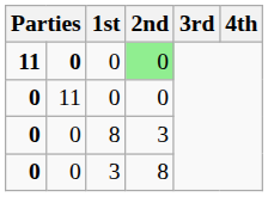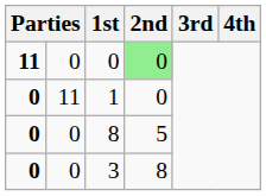 <table class="wikitable" style="text-align:right;">
 <tr>
 <th colspan=2 style="text-align:left;">Parties</th>
 <th>1st</th>
 <th>2nd</th>
 <th>3rd</th>
 <th>4th</th>
 </tr>
 <tr>
 <td><strong>11</strong></td>
-<td><strong>0</strong></td>
+<td>0</td>
 <td>0</td>
 <td style="background: lightgreen;">0</td>
 </tr>
 <tr>
 <td><strong>0</strong></td>
 <td>11</td>
-<td>0</td>
+<td>1</td>
 <td>0</td>
 </tr>
 <tr>
 <td><strong>0</strong></td>
 <td>0</td>
 <td>8</td>
-<td>3</td>
+<td>5</td>
 </tr>
 <tr>
 <td><strong>0</strong></td>
 <td>0</td>
 <td>3</td>
 <td>8</td>
 </tr>
 </table>
